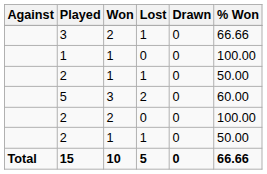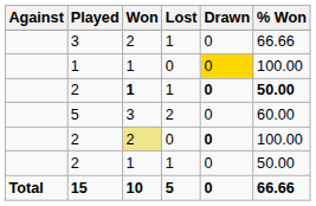 <table class="sortable wikitable" style="font-size: 87%;">
 <tr>
 <th>Against</th>
 <th>Played</th>
 <th>Won</th>
 <th>Lost</th>
 <th>Drawn</th>
 <th>% Won</th>
 </tr>
 <tr bgcolor="#d0ffd0" align="center">
 </tr>
 <tr>
 <td align="left"></td>
 <td>3</td>
 <td>2</td>
 <td>1</td>
 <td>0</td>
 <td>66.66</td>
 </tr>
 <tr>
 <td align="left"></td>
 <td>1</td>
 <td>1</td>
 <td>0</td>
-<td>0</td>
+<td style="background: gold;">0</td>
 <td>100.00</td>
 </tr>
 <tr>
 <td align="left"></td>
 <td>2</td>
+<td><strong>1</strong></td>
 <td>1</td>
-<td>1</td>
-<td>0</td>
-<td>50.00</td>
+<td><strong>0</strong></td>
+<td><strong>50.00</strong></td>
 </tr>
 <tr>
 <td align="left"></td>
 <td>5</td>
 <td>3</td>
 <td>2</td>
 <td>0</td>
 <td>60.00</td>
 </tr>
 <tr>
 <td align="left"></td>
 <td>2</td>
-<td>2</td>
+<td style="background: khaki;">2</td>
 <td>0</td>
-<td>0</td>
+<td><strong>0</strong></td>
 <td>100.00</td>
 </tr>
 <tr>
 <td align="left"></td>
 <td>2</td>
 <td>1</td>
 <td>1</td>
 <td>0</td>
 <td>50.00</td>
 </tr>
 <tr>
 <td align="left"><strong>Total</strong></td>
 <td><strong>15</strong></td>
 <td><strong>10</strong></td>
 <td><strong>5</strong></td>
 <td><strong>0</strong></td>
 <td><strong>66.66</strong></td>
 </tr>
 </table>
